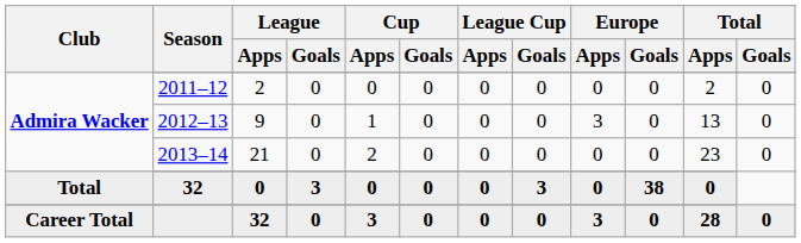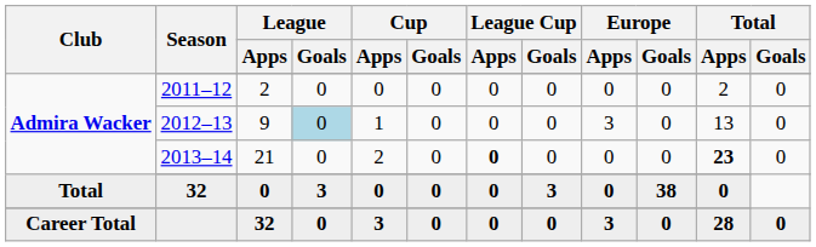 <table class="wikitable" style="font-size:90%; text-align: center;">
 <tr>
 <th rowspan="2">Club</th>
 <th rowspan="2">Season</th>
 <th colspan="2">League</th>
 <th colspan="2">Cup</th>
 <th colspan="2">League Cup</th>
 <th colspan="2">Europe</th>
 <th colspan="2">Total</th>
 </tr>
 <tr>
 <th>Apps</th>
 <th>Goals</th>
 <th>Apps</th>
 <th>Goals</th>
 <th>Apps</th>
 <th>Goals</th>
 <th>Apps</th>
 <th>Goals</th>
 <th>Apps</th>
 <th>Goals</th>
 </tr>
 <tr ||-||-||-|->
 <td rowspan="5" valign="center"><strong><a href='#'>Admira Wacker</a></strong></td>
 </tr>
 <tr>
 <td><a href='#'>2011–12</a></td>
 <td>2</td>
 <td>0</td>
 <td>0</td>
 <td>0</td>
 <td>0</td>
 <td>0</td>
 <td>0</td>
 <td>0</td>
 <td>2</td>
 <td>0</td>
 </tr>
 <tr>
 <td><a href='#'>2012–13</a></td>
 <td>9</td>
-<td>0</td>
+<td style="background: lightblue;">0</td>
 <td>1</td>
 <td>0</td>
 <td>0</td>
 <td>0</td>
 <td>3</td>
 <td>0</td>
 <td>13</td>
 <td>0</td>
 </tr>
 <tr>
 <td><a href='#'>2013–14</a></td>
 <td>21</td>
 <td>0</td>
 <td>2</td>
 <td>0</td>
+<td><strong>0</strong></td>
 <td>0</td>
 <td>0</td>
 <td>0</td>
-<td>0</td>
-<td>23</td>
+<td><strong>23</strong></td>
 <td>0</td>
 </tr>
 <tr>
 </tr>
 <tr style="font-weight:bold; background-color:#eeeeee;">
 <td>Total</td>
 <td>32</td>
 <td>0</td>
 <td>3</td>
 <td>0</td>
 <td>0</td>
 <td>0</td>
 <td>3</td>
 <td>0</td>
 <td>38</td>
 <td>0</td>
 </tr>
 <tr>
 </tr>
 <tr style="font-weight:bold; background-color:#eeeeee;">
 <td rowspan="2" valign="top"><strong>Career Total</strong></td>
 <td></td>
 <td><strong>32</strong></td>
 <td><strong>0</strong></td>
 <td><strong>3</strong></td>
 <td><strong>0</strong></td>
 <td><strong>0</strong></td>
 <td><strong>0</strong></td>
 <td><strong>3</strong></td>
 <td><strong>0</strong></td>
 <td><strong>28</strong></td>
 <td><strong>0</strong></td>
 </tr>
 </table>
